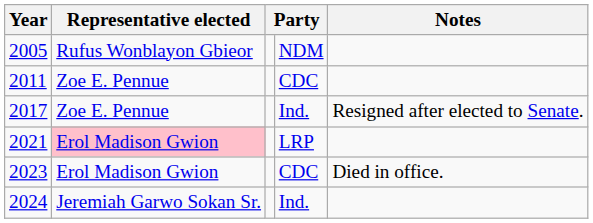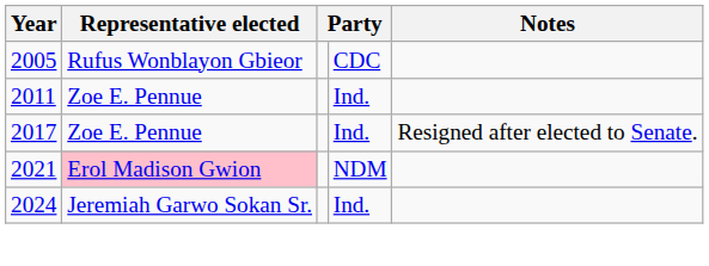 <table class="wikitable">
 <tr>
 <th>Year</th>
 <th>Representative elected</th>
 <th colspan=2>Party</th>
 <th>Notes</th>
 </tr>
 <tr>
 <td><a href='#'>2005</a></td>
 <td><a href='#'>Rufus Wonblayon Gbieor</a></td>
 <td></td>
-<td><a href='#'>NDM</a></td>
+<td><a href='#'>CDC</a></td>
 <td></td>
 </tr>
 <tr>
 <td><a href='#'>2011</a></td>
 <td><a href='#'>Zoe E. Pennue</a></td>
 <td></td>
-<td><a href='#'>CDC</a></td>
+<td><a href='#'>Ind.</a></td>
 <td></td>
 </tr>
 <tr>
 <td><a href='#'>2017</a></td>
 <td><a href='#'>Zoe E. Pennue</a></td>
 <td></td>
 <td><a href='#'>Ind.</a></td>
 <td>Resigned after elected to <a href='#'>Senate</a>.</td>
 </tr>
 <tr>
 <td><a href='#'>2021</a></td>
 <td style="background: pink;"><a href='#'>Erol Madison Gwion</a></td>
 <td></td>
-<td><a href='#'>LRP</a></td>
+<td><a href='#'>NDM</a></td>
 <td></td>
-</tr>
-<tr>
-<td><a href='#'>2023</a></td>
-<td><a href='#'>Erol Madison Gwion</a></td>
-<td></td>
-<td><a href='#'>CDC</a></td>
-<td>Died in office.</td>
 </tr>
 <tr>
 <td><a href='#'>2024</a></td>
 <td><a href='#'>Jeremiah Garwo Sokan Sr.</a></td>
 <td></td>
 <td><a href='#'>Ind.</a></td>
 <td></td>
 </tr>
 </table>
